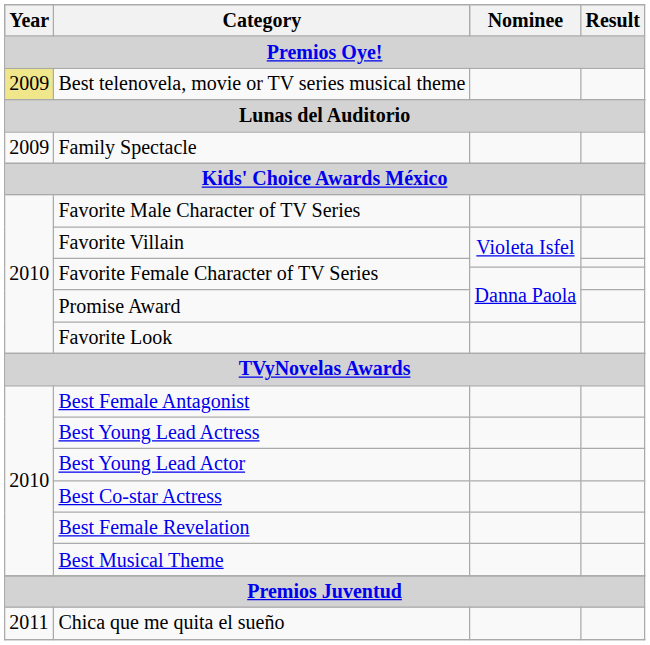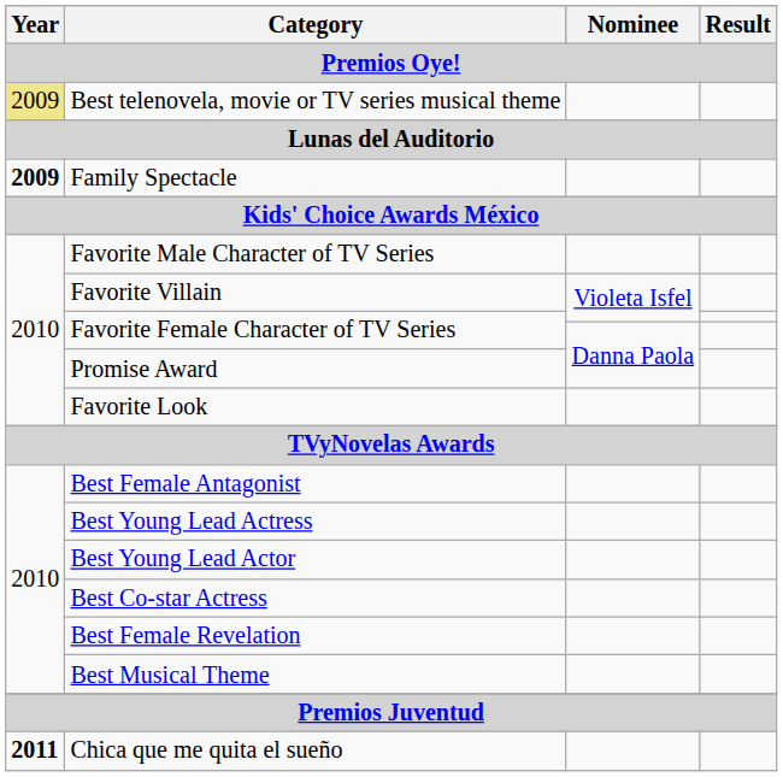 <table class="wikitable">
 <tr bgcolor="grey">
 <th>Year</th>
 <th>Category</th>
 <th>Nominee</th>
 <th>Result</th>
 </tr>
 <tr bgcolor="LightGray">
 <td colspan=5 align=center><strong><a href='#'>Premios Oye!</a></strong></td>
 </tr>
 <tr>
 <td style="background: khaki;">2009</td>
 <td>Best telenovela, movie or TV series musical theme</td>
 <td></td>
 <td></td>
 </tr>
 <tr>
 </tr>
 <tr bgcolor="LightGray">
 <td colspan=5 align=center><strong>Lunas del Auditorio</strong></td>
 </tr>
 <tr>
-<td>2009</td>
+<td><strong>2009</strong></td>
 <td>Family Spectacle</td>
 <td></td>
 <td></td>
 </tr>
 <tr>
 </tr>
 <tr bgcolor="LightGray">
 <td colspan=5 align=center><strong><a href='#'>Kids' Choice Awards México</a></strong></td>
 </tr>
 <tr>
 <td rowspan=6>2010</td>
 <td>Favorite Male Character of TV Series</td>
 <td></td>
 <td></td>
 </tr>
 <tr>
 <td>Favorite Villain</td>
 <td rowspan=2 style="text-align:center;"><a href='#'>Violeta Isfel</a></td>
 <td></td>
 </tr>
 <tr>
 <td rowspan=2>Favorite Female Character of TV Series</td>
 <td></td>
 </tr>
 <tr>
 <td rowspan=2 style="text-align:center;"><a href='#'>Danna Paola</a></td>
 <td></td>
 </tr>
 <tr>
 <td>Promise Award</td>
 <td></td>
 </tr>
 <tr>
 <td>Favorite Look</td>
 <td></td>
 <td></td>
 </tr>
 <tr>
 </tr>
 <tr bgcolor="LightGray">
 <td colspan=5 align=center><strong><a href='#'>TVyNovelas Awards</a></strong></td>
 </tr>
 <tr>
 <td rowspan=6>2010</td>
 <td><a href='#'>Best Female Antagonist</a></td>
 <td></td>
 <td></td>
 </tr>
 <tr>
 <td><a href='#'>Best Young Lead Actress</a></td>
 <td></td>
 <td></td>
 </tr>
 <tr>
 <td><a href='#'>Best Young Lead Actor</a></td>
 <td></td>
 <td></td>
 </tr>
 <tr>
 <td><a href='#'>Best Co-star Actress</a></td>
 <td></td>
 <td></td>
 </tr>
 <tr>
 <td><a href='#'>Best Female Revelation</a></td>
 <td></td>
 <td></td>
 </tr>
 <tr>
 <td><a href='#'>Best Musical Theme</a></td>
 <td></td>
 <td></td>
 </tr>
 <tr>
 </tr>
 <tr bgcolor="LightGray">
 <td colspan=5 align=center><strong><a href='#'>Premios Juventud</a></strong></td>
 </tr>
 <tr>
-<td>2011</td>
+<td><strong>2011</strong></td>
 <td>Chica que me quita el sueño</td>
 <td></td>
 <td></td>
 </tr>
 <tr>
 </tr>
 </table>
